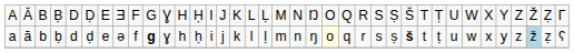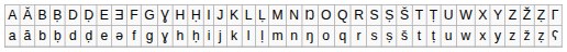 <table class="wikitable" style="text-align:center">
 <tr>
 <td>A</td>
 <td>Ă</td>
 <td>B</td>
 <td>Ḅ</td>
 <td>D</td>
 <td>Ḍ</td>
 <td>E</td>
 <td>Ǝ</td>
 <td>F</td>
 <td>G</td>
 <td>Ɣ</td>
 <td>H</td>
 <td>Ḥ</td>
 <td>I</td>
 <td>J</td>
 <td>K</td>
 <td>L</td>
 <td>Ḷ</td>
 <td>M</td>
 <td>N</td>
 <td>Ŋ</td>
 <td>O</td>
 <td>Q</td>
 <td>R</td>
 <td>S</td>
 <td>Ṣ</td>
 <td>Š</td>
 <td>T</td>
 <td>Ṭ</td>
 <td>U</td>
 <td>W</td>
 <td>X</td>
 <td>Y</td>
 <td>Z</td>
 <td>Ž</td>
 <td>Ẓ</td>
 <td>Γ</td>
 </tr>
 <tr>
 <td>a</td>
 <td>ă</td>
 <td>b</td>
 <td>ḅ</td>
 <td>d</td>
 <td>ḍ</td>
 <td>e</td>
 <td>ǝ</td>
 <td>f</td>
-<td><strong>g</strong></td>
+<td>g</td>
 <td>ɣ</td>
 <td>h</td>
 <td>ḥ</td>
 <td>i</td>
 <td>j</td>
 <td>k</td>
 <td>l</td>
 <td>ḷ</td>
 <td>m</td>
 <td>n</td>
 <td>ŋ</td>
-<td style="background: lightyellow;">o</td>
+<td>o</td>
 <td>q</td>
 <td>r</td>
 <td>s</td>
 <td>ṣ</td>
-<td><strong>š</strong></td>
+<td>š</td>
 <td>t</td>
 <td>ṭ</td>
 <td>u</td>
 <td>w</td>
 <td>x</td>
 <td>y</td>
 <td>z</td>
-<td style="background: lightblue;">ž</td>
+<td>ž</td>
 <td>ẓ</td>
 <td>ʕ</td>
 </tr>
 <tr>
 </tr>
 </table>
